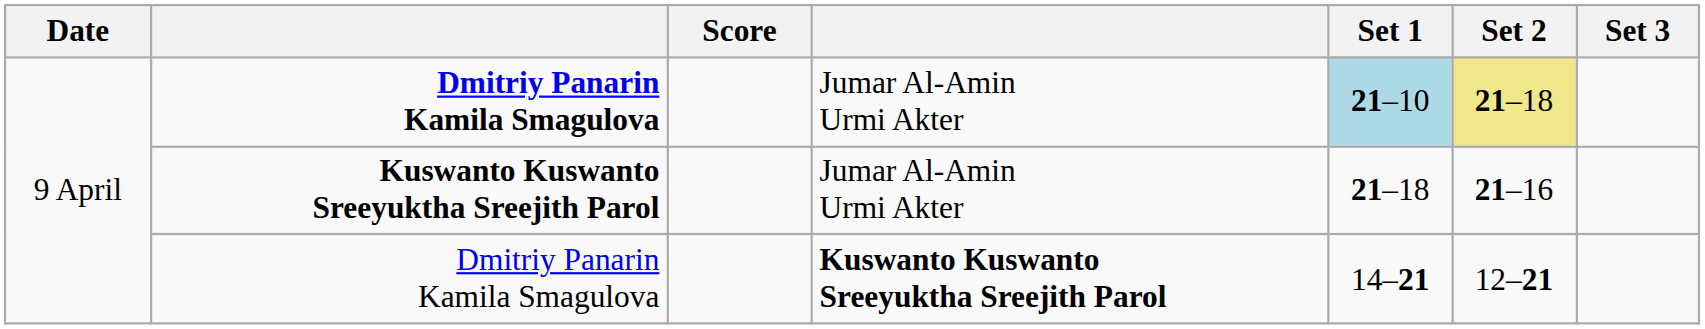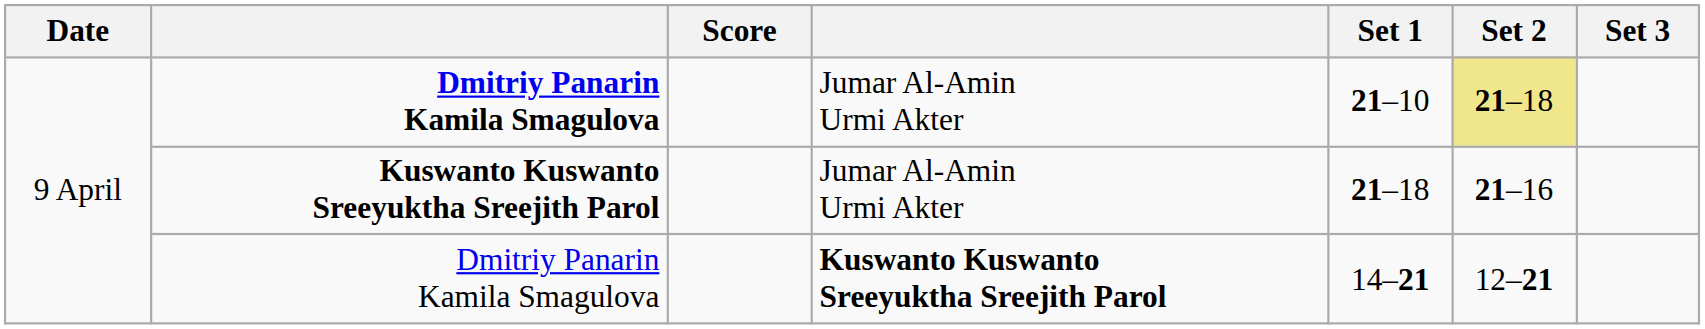 <table class="wikitable" style="text-align: center; font-size:90%">
 <tr>
 <th width="60">Date</th>
 <th align="right" width="230"></th>
 <th width="60">Score</th>
 <th align="left" width="230"></th>
 <th width="50">Set 1</th>
 <th width="50">Set 2</th>
 <th width="50">Set 3</th>
 </tr>
 <tr>
 <td rowspan="3">9 April</td>
 <td align="right"><strong><a href='#'>Dmitriy Panarin</a> <br>Kamila Smagulova </strong></td>
 <td></td>
 <td align="left"> Jumar Al-Amin<br> Urmi Akter</td>
-<td style="background: lightblue;"><strong>21</strong>–10</td>
+<td><strong>21</strong>–10</td>
 <td style="background: khaki;"><strong>21</strong>–18</td>
 <td></td>
 </tr>
 <tr>
 <td align="right"><strong>Kuswanto Kuswanto <br>Sreeyuktha Sreejith Parol </strong></td>
 <td></td>
 <td align="left"> Jumar Al-Amin<br> Urmi Akter</td>
 <td><strong>21</strong>–18</td>
 <td><strong>21</strong>–16</td>
 <td></td>
 </tr>
 <tr>
 <td align="right"><a href='#'>Dmitriy Panarin</a> <br>Kamila Smagulova </td>
 <td></td>
 <td align="left"><strong> Kuswanto Kuswanto<br> Sreeyuktha Sreejith Parol</strong></td>
 <td>14–<strong>21</strong></td>
 <td>12–<strong>21</strong></td>
 <td></td>
 </tr>
 </table>
